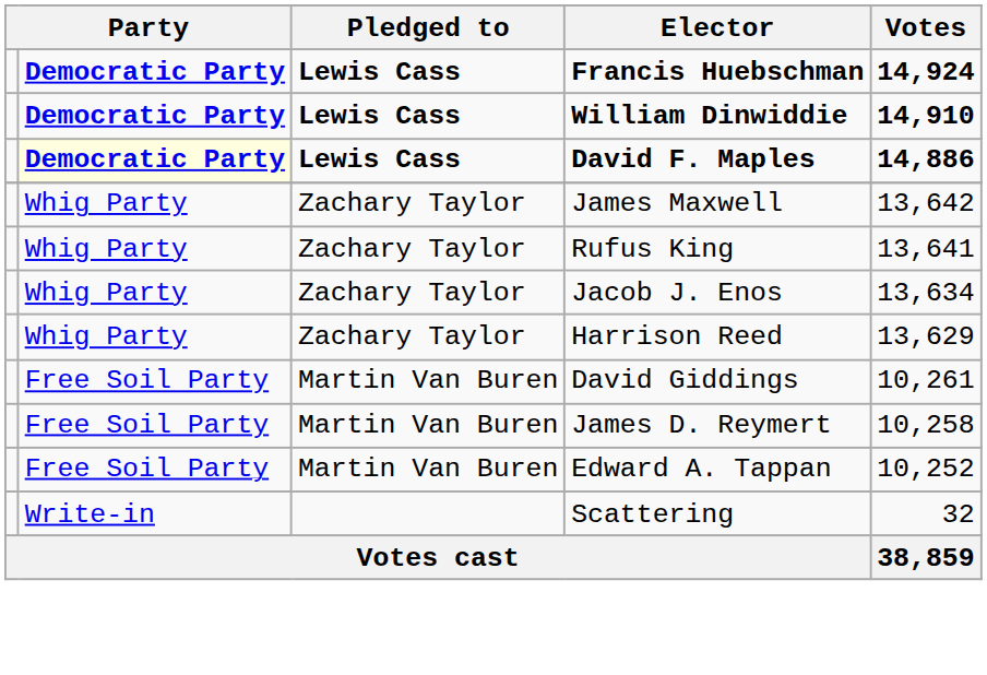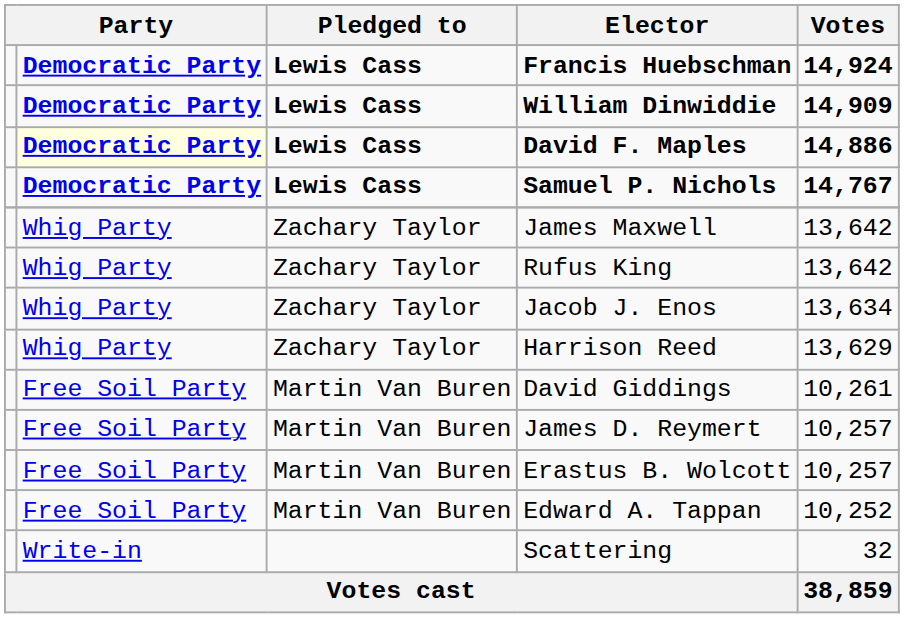 <table class="wikitable">
 <tr>
 <th colspan=2>Party</th>
 <th>Pledged to</th>
 <th>Elector</th>
 <th>Votes</th>
 </tr>
 <tr style="font-weight:bold">
 <td></td>
 <td><a href='#'>Democratic Party</a></td>
 <td>Lewis Cass</td>
 <td>Francis Huebschman</td>
 <td align="right">14,924</td>
 </tr>
 <tr style="font-weight:bold">
 <td></td>
 <td><a href='#'>Democratic Party</a></td>
 <td>Lewis Cass</td>
 <td>William Dinwiddie</td>
-<td align="right">14,910</td>
+<td align="right">14,909</td>
 </tr>
 <tr style="font-weight:bold">
 <td></td>
 <td style="background: lightyellow;"><a href='#'>Democratic Party</a></td>
 <td>Lewis Cass</td>
 <td>David F. Maples</td>
 <td align="right">14,886</td>
+</tr>
+<tr style="font-weight:bold">
+<td></td>
+<td><a href='#'>Democratic Party</a></td>
+<td>Lewis Cass</td>
+<td>Samuel P. Nichols</td>
+<td align="right">14,767</td>
 </tr>
 <tr style="font-weight:bold">
 </tr>
 <tr>
 <td></td>
 <td><a href='#'>Whig Party</a></td>
 <td>Zachary Taylor</td>
 <td>James Maxwell</td>
 <td align="right">13,642</td>
 </tr>
 <tr>
 <td></td>
 <td><a href='#'>Whig Party</a></td>
 <td>Zachary Taylor</td>
 <td>Rufus King</td>
-<td align="right">13,641</td>
+<td align="right">13,642</td>
 </tr>
 <tr>
 <td></td>
 <td><a href='#'>Whig Party</a></td>
 <td>Zachary Taylor</td>
 <td>Jacob J. Enos</td>
 <td align="right">13,634</td>
 </tr>
 <tr>
 <td></td>
 <td><a href='#'>Whig Party</a></td>
 <td>Zachary Taylor</td>
 <td>Harrison Reed</td>
 <td align="right">13,629</td>
 </tr>
 <tr>
 <td></td>
 <td><a href='#'>Free Soil Party</a></td>
 <td>Martin Van Buren</td>
 <td>David Giddings</td>
 <td align="right">10,261</td>
 </tr>
 <tr>
 <td></td>
 <td><a href='#'>Free Soil Party</a></td>
 <td>Martin Van Buren</td>
 <td>James D. Reymert</td>
-<td align="right">10,258</td>
+<td align="right">10,257</td>
+</tr>
+<tr>
+<td></td>
+<td><a href='#'>Free Soil Party</a></td>
+<td>Martin Van Buren</td>
+<td>Erastus B. Wolcott</td>
+<td align="right">10,257</td>
 </tr>
 <tr>
 <td></td>
 <td><a href='#'>Free Soil Party</a></td>
 <td>Martin Van Buren</td>
 <td>Edward A. Tappan</td>
 <td align="right">10,252</td>
 </tr>
 <tr>
 <td></td>
 <td><a href='#'>Write-in</a></td>
 <td></td>
 <td>Scattering</td>
 <td align="right">32</td>
 </tr>
 <tr>
 <th colspan="4">Votes cast</th>
 <th>38,859</th>
 </tr>
 </table>
